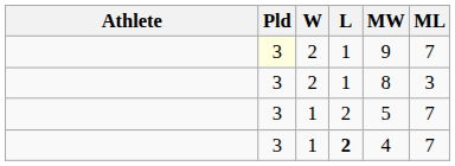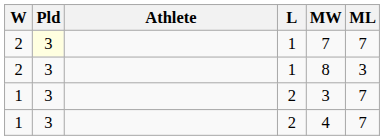 <table class="wikitable" style="text-align:center">
 <tr>
+<th width=20>W</th>
+<th width=20>Pld</th>
 <th width=200>Athlete</th>
-<th width=20>Pld</th>
-<th width=20>W</th>
 <th width=20>L</th>
 <th width=20>MW</th>
 <th width=20>ML</th>
 </tr>
 <tr>
+<td>2</td>
+<td style="background: lightyellow;">3</td>
 <td style="text-align:left"></td>
-<td style="background: lightyellow;">3</td>
-<td>2</td>
 <td>1</td>
-<td>9</td>
+<td>7</td>
 <td>7</td>
 </tr>
 <tr>
+<td>2</td>
+<td>3</td>
 <td style="text-align:left"></td>
-<td>3</td>
-<td>2</td>
 <td>1</td>
 <td>8</td>
 <td>3</td>
 </tr>
 <tr>
+<td>1</td>
+<td>3</td>
 <td style="text-align:left"></td>
+<td>2</td>
 <td>3</td>
-<td>1</td>
-<td>2</td>
-<td>5</td>
 <td>7</td>
 </tr>
 <tr>
+<td>1</td>
+<td>3</td>
 <td style="text-align:left"></td>
-<td>3</td>
-<td>1</td>
-<td><strong>2</strong></td>
+<td>2</td>
 <td>4</td>
 <td>7</td>
 </tr>
 </table>
